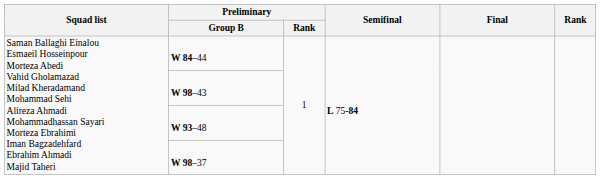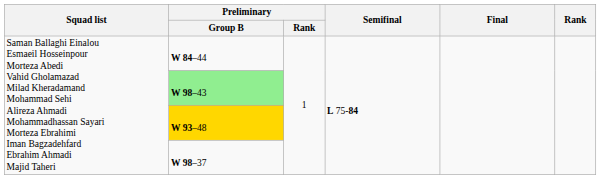 <table class="wikitable" width="71%" style="text-align:left; font-size:90%">
 <tr>
 <th rowspan="2" width="20%">Squad list</th>
 <th colspan="2">Preliminary</th>
 <th rowspan="2" width="14%">Semifinal</th>
 <th rowspan="2" width="14%">Final</th>
 <th rowspan="2" width="5%">Rank</th>
 </tr>
 <tr>
 <th width="14%">Group B</th>
 <th width="5%">Rank</th>
 </tr>
 <tr>
 <td rowspan=4>Saman Ballaghi Einalou<br>Esmaeil Hosseinpour<br>Morteza Abedi<br>Vahid Gholamazad <br>Milad Kheradamand<br>Mohammad Sehi<br>Alireza Ahmadi <br>Mohammadhassan Sayari<br>Morteza Ebrahimi<br>Iman Bagzadehfard<br>Ebrahim Ahmadi<br>Majid  Taheri</td>
 <td><br><strong>W</strong> <strong>84</strong>–44</td>
 <td rowspan=4 align=center>1 <strong></strong></td>
 <td rowspan=4><br><strong>L</strong> 75-<strong>84</strong></td>
 <td rowspan=4><br></td>
 <td rowspan=4 align=center></td>
 </tr>
 <tr>
-<td><br><strong>W</strong> <strong>98</strong>–43</td>
+<td style="background: lightgreen;"><br><strong>W</strong> <strong>98</strong>–43</td>
 </tr>
 <tr>
-<td><br><strong>W</strong> <strong>93</strong>–48</td>
+<td style="background: gold;"><br><strong>W</strong> <strong>93</strong>–48</td>
 </tr>
 <tr>
 <td><br><strong>W</strong> <strong>98</strong>–37</td>
 </tr>
 </table>
